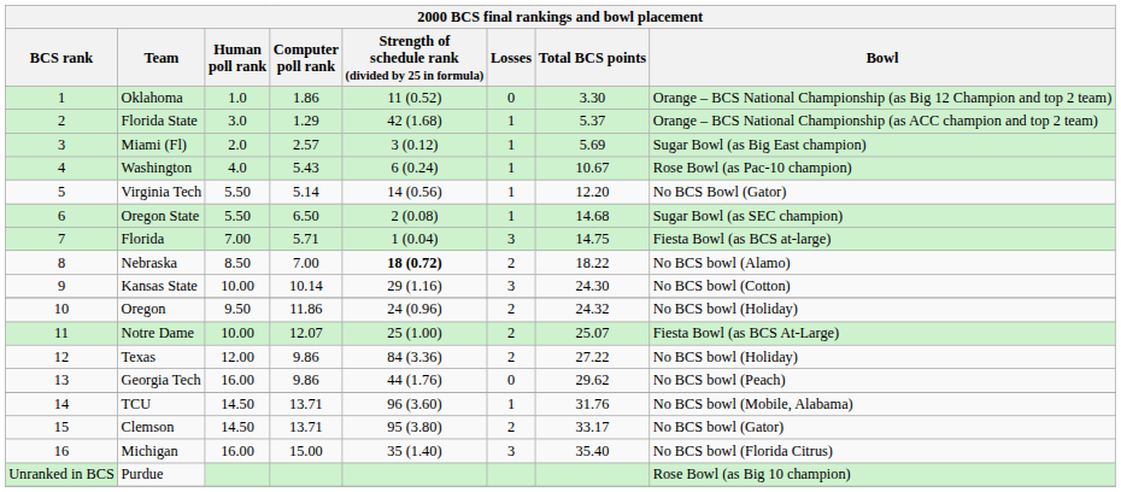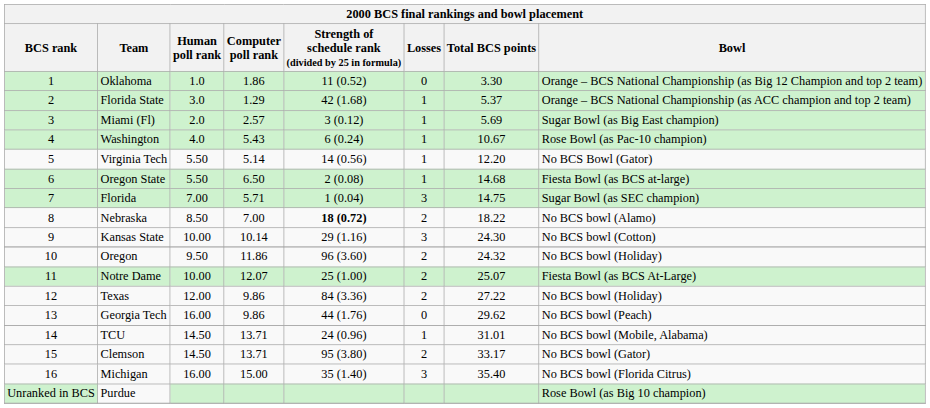 <table class="wikitable" width="auto" style="text-align: center">
 <tr>
 <th colspan="8">2000 BCS final rankings and bowl placement </th>
 </tr>
 <tr style="background:#efefef;">
 <th>BCS rank</th>
 <th>Team</th>
 <th>Human<br> poll rank</th>
 <th>Computer <br> poll rank</th>
 <th>Strength of <br> schedule rank<br> <small> (divided by 25 in formula)</small></th>
 <th>Losses</th>
 <th>Total BCS points</th>
 <th>Bowl</th>
 </tr>
 <tr>
 <td style= "background: #CEF2CE;">1</td>
 <td style="text-align:left; background: #CEF2CE;">Oklahoma</td>
 <td style="background: #CEF2CE;">1.0</td>
 <td style="background: #CEF2CE;">1.86</td>
 <td style="background: #CEF2CE;">11 (0.52)</td>
 <td style="background: #CEF2CE;">0</td>
 <td style="background: #CEF2CE;">3.30</td>
 <td style="text-align:left; background: #CEF2CE;">Orange – BCS National Championship (as Big 12 Champion and top 2 team)</td>
 </tr>
 <tr>
 <td style="background: #CEF2CE;">2</td>
 <td style="text-align:left; background: #CEF2CE;">Florida State</td>
 <td style="background: #CEF2CE;">3.0</td>
 <td style="background: #CEF2CE;">1.29</td>
 <td style="background: #CEF2CE;">42 (1.68)</td>
 <td style="background: #CEF2CE;">1</td>
 <td style="background: #CEF2CE;">5.37</td>
 <td style="text-align:left; background: #CEF2CE;">Orange – BCS National Championship (as ACC champion and top 2 team)</td>
 </tr>
 <tr>
 <td style= "background: #CEF2CE;">3</td>
 <td style="text-align:left; background: #CEF2CE;">Miami (Fl)</td>
 <td style="background: #CEF2CE;">2.0</td>
 <td style="background: #CEF2CE;">2.57</td>
 <td style="background: #CEF2CE;">3 (0.12)</td>
 <td style="background: #CEF2CE;">1</td>
 <td style="background: #CEF2CE;">5.69</td>
 <td style="text-align:left; background: #CEF2CE;">Sugar Bowl (as Big East champion)</td>
 </tr>
 <tr>
 <td style="background: #CEF2CE;">4</td>
 <td style="text-align:left; background: #CEF2CE;">Washington</td>
 <td style="background: #CEF2CE;">4.0</td>
 <td style="background: #CEF2CE;">5.43</td>
 <td style="background: #CEF2CE;">6 (0.24)</td>
 <td style="background: #CEF2CE;">1</td>
 <td style="background: #CEF2CE;">10.67</td>
 <td style="text-align:left; background: #CEF2CE;">Rose Bowl (as Pac-10 champion)</td>
 </tr>
 <tr>
 <td style="text-align:center">5</td>
 <td style="text-align:left;">Virginia Tech</td>
 <td style="text-align:center;">5.50</td>
 <td style="text-align:center;">5.14</td>
 <td style="text-align:center;">14 (0.56)</td>
 <td style="text-align:center;">1</td>
 <td style="text-align:center;">12.20</td>
 <td style="text-align:left;">No BCS Bowl (Gator)</td>
 </tr>
 <tr>
 <td style= "background: #CEF2CE;">6</td>
 <td style="text-align:left; background: #CEF2CE;">Oregon State</td>
 <td style="background: #CEF2CE;">5.50</td>
 <td style="background: #CEF2CE;">6.50</td>
 <td style="background: #CEF2CE;">2 (0.08)</td>
 <td style="background: #CEF2CE;">1</td>
 <td style="background: #CEF2CE;">14.68</td>
-<td style="text-align:left; background: #CEF2CE;">Sugar Bowl (as SEC champion)</td>
+<td style="text-align:left; background: #CEF2CE;">Fiesta Bowl (as BCS at-large)</td>
 </tr>
 <tr>
 <td style= "background: #CEF2CE;">7</td>
 <td style="text-align:left; background: #CEF2CE;">Florida</td>
 <td style="background: #CEF2CE;">7.00</td>
 <td style="background: #CEF2CE;">5.71</td>
 <td style="background: #CEF2CE;">1 (0.04)</td>
 <td style="background: #CEF2CE;">3</td>
 <td style="background: #CEF2CE;">14.75</td>
-<td style="text-align:left; background: #CEF2CE;">Fiesta Bowl (as BCS at-large)</td>
+<td style="text-align:left; background: #CEF2CE;">Sugar Bowl (as SEC champion)</td>
 </tr>
 <tr>
 <td>8</td>
 <td style="text-align:left;">Nebraska</td>
 <td style="text-align:center;">8.50</td>
 <td style="text-align:center;">7.00</td>
 <td style="text-align:center;"><strong>18 (0.72)</strong></td>
 <td style="text-align:center;">2</td>
 <td style="text-align:center;">18.22</td>
 <td style="text-align:left;">No BCS bowl (Alamo)</td>
 </tr>
 <tr>
 <td>9</td>
 <td style="text-align:left;">Kansas State</td>
 <td style="text-align:center;">10.00</td>
 <td style="text-align:center;">10.14</td>
 <td style="text-align:center;">29 (1.16)</td>
 <td style="text-align:center;">3</td>
 <td style="text-align:center;">24.30</td>
 <td style="text-align:left;">No BCS bowl (Cotton)</td>
 </tr>
 <tr>
 </tr>
 <tr>
 <td>10</td>
 <td style="text-align:left;">Oregon</td>
 <td style="text-align:center;">9.50</td>
 <td style="text-align:center;">11.86</td>
-<td style="text-align:center;">24 (0.96)</td>
+<td style="text-align:center;">96 (3.60)</td>
 <td style="text-align:center;">2</td>
 <td style="text-align:center;">24.32</td>
 <td style="text-align:left;">No BCS bowl (Holiday)</td>
 </tr>
 <tr>
 <td style= "background: #CEF2CE;">11</td>
 <td style="text-align:left; background: #CEF2CE;">Notre Dame</td>
 <td style="background: #CEF2CE;">10.00</td>
 <td style="background: #CEF2CE;">12.07</td>
 <td style="background: #CEF2CE;">25 (1.00)</td>
 <td style="background: #CEF2CE;">2</td>
 <td style="background: #CEF2CE;">25.07</td>
 <td style="text-align:left; background: #CEF2CE;">Fiesta Bowl (as BCS At-Large)</td>
 </tr>
 <tr>
 <td style="text-align:center;">12</td>
 <td style="text-align:left;">Texas</td>
 <td style="text-align:center;">12.00</td>
 <td style="text-align:center;">9.86</td>
 <td style="text-align:center;">84 (3.36)</td>
 <td style="text-align:center;">2</td>
 <td style="text-align:center;">27.22</td>
 <td style="text-align:left;">No BCS bowl (Holiday)</td>
 </tr>
 <tr>
 <td style="text-align:center;">13</td>
 <td style="text-align:left;">Georgia Tech</td>
 <td style="text-align:center;">16.00</td>
 <td style="text-align:center;">9.86</td>
 <td style="text-align:center;">44 (1.76)</td>
 <td style="text-align:center;">0</td>
 <td style="text-align:center;">29.62</td>
 <td style="text-align:left;">No BCS bowl (Peach)</td>
 </tr>
 <tr>
 </tr>
 <tr>
 <td style="text-align:center;">14</td>
 <td style="text-align:left;">TCU</td>
 <td style="text-align:center;">14.50</td>
 <td style="text-align:center;">13.71</td>
-<td style="text-align:center;">96 (3.60)</td>
+<td style="text-align:center;">24 (0.96)</td>
 <td style="text-align:center;">1</td>
-<td style="text-align:center;">31.76</td>
+<td style="text-align:center;">31.01</td>
 <td style="text-align:left;">No BCS bowl (Mobile, Alabama)</td>
 </tr>
 <tr>
 <td style="text-align:center;">15</td>
 <td style="text-align:left;">Clemson</td>
 <td style="text-align:center;">14.50</td>
 <td style="text-align:center;">13.71</td>
 <td style="text-align:center;">95 (3.80)</td>
 <td style="text-align:center;">2</td>
 <td style="text-align:center;">33.17</td>
 <td style="text-align:left;">No BCS bowl (Gator)</td>
 </tr>
 <tr>
 <td style="text-align:center;">16</td>
 <td style="text-align:left;">Michigan</td>
 <td style="text-align:center;">16.00</td>
 <td style="text-align:center;">15.00</td>
 <td style="text-align:center;">35 (1.40)</td>
 <td style="text-align:center;">3</td>
 <td style="text-align:center;">35.40</td>
 <td style="text-align:left;">No BCS bowl (Florida Citrus)</td>
 </tr>
 <tr>
 <td style= "background: #CEF2CE;">Unranked in BCS</td>
 <td style="text-align:left;" style="background: #CEF2CE;">Purdue</td>
 <td style="background: #CEF2CE;"></td>
 <td style="background: #CEF2CE;"></td>
 <td style="background: #CEF2CE;"></td>
 <td style="background: #CEF2CE;"></td>
 <td style="background: #CEF2CE;"></td>
 <td style="text-align:left; background: #CEF2CE;">Rose Bowl (as Big 10 champion)</td>
 </tr>
 <tr>
 </tr>
 </table>
